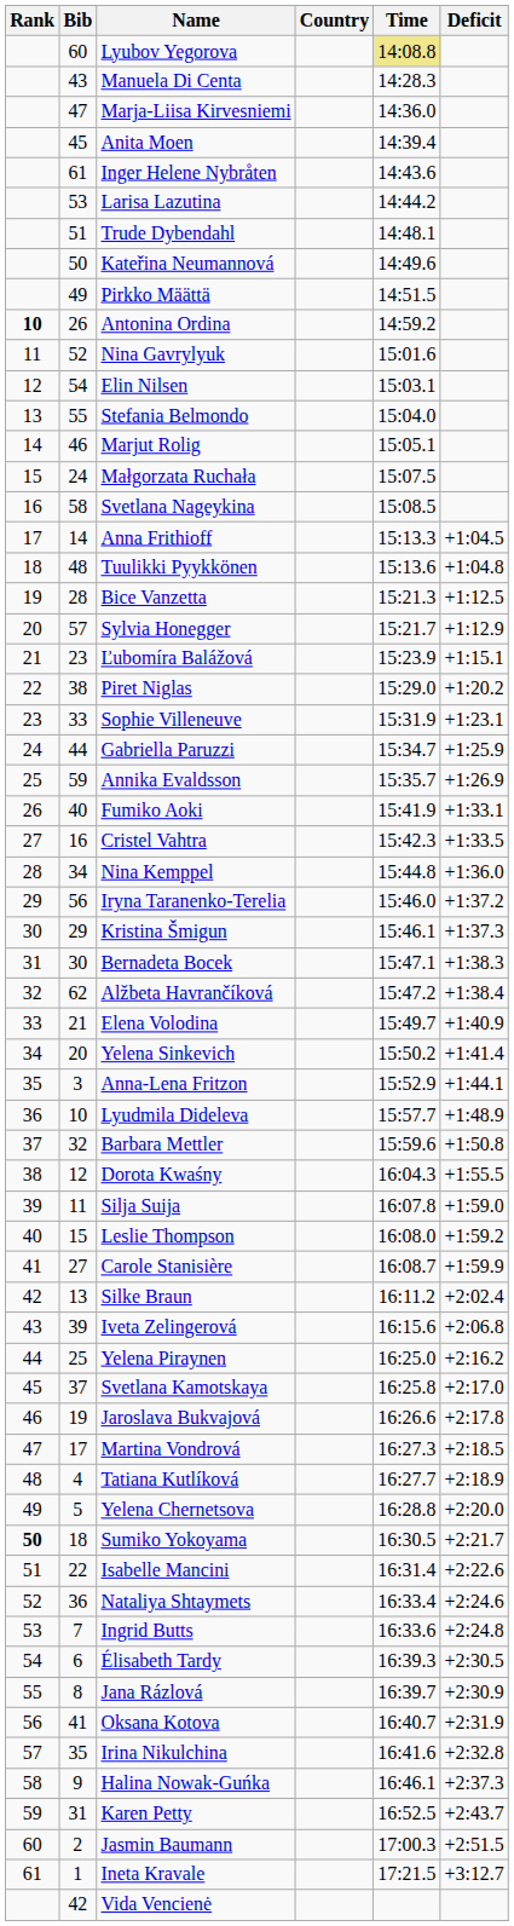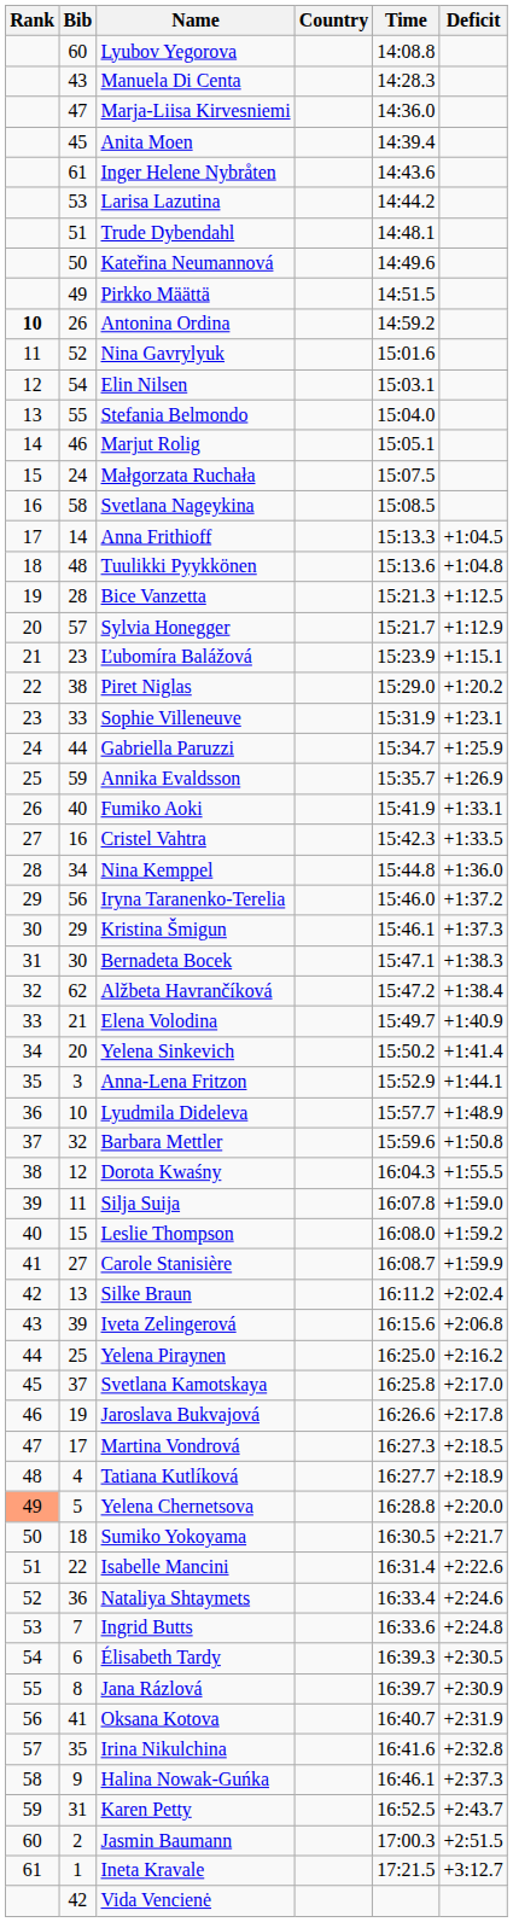 <table class="wikitable sortable" style="text-align:center">
 <tr>
 <th>Rank</th>
 <th>Bib</th>
 <th>Name</th>
 <th>Country</th>
 <th>Time</th>
 <th>Deficit</th>
 </tr>
 <tr>
 <td></td>
 <td>60</td>
 <td align="left"><a href='#'>Lyubov Yegorova</a></td>
 <td align="left"></td>
-<td style="background: khaki;">14:08.8</td>
+<td>14:08.8</td>
 <td></td>
 </tr>
 <tr>
 <td></td>
 <td>43</td>
 <td align="left"><a href='#'>Manuela Di Centa</a></td>
 <td align="left"></td>
 <td>14:28.3</td>
 <td></td>
 </tr>
 <tr>
 <td></td>
 <td>47</td>
 <td align="left"><a href='#'>Marja-Liisa Kirvesniemi</a></td>
 <td align="left"></td>
 <td>14:36.0</td>
 <td></td>
 </tr>
 <tr>
 <td></td>
 <td>45</td>
 <td align="left"><a href='#'>Anita Moen</a></td>
 <td align="left"></td>
 <td>14:39.4</td>
 <td></td>
 </tr>
 <tr>
 <td></td>
 <td>61</td>
 <td align="left"><a href='#'>Inger Helene Nybråten</a></td>
 <td align="left"></td>
 <td>14:43.6</td>
 <td></td>
 </tr>
 <tr>
 <td></td>
 <td>53</td>
 <td align="left"><a href='#'>Larisa Lazutina</a></td>
 <td align="left"></td>
 <td>14:44.2</td>
 <td></td>
 </tr>
 <tr>
 <td></td>
 <td>51</td>
 <td align="left"><a href='#'>Trude Dybendahl</a></td>
 <td align="left"></td>
 <td>14:48.1</td>
 <td></td>
 </tr>
 <tr>
 <td></td>
 <td>50</td>
 <td align="left"><a href='#'>Kateřina Neumannová</a></td>
 <td align="left"></td>
 <td>14:49.6</td>
 <td></td>
 </tr>
 <tr>
 <td></td>
 <td>49</td>
 <td align="left"><a href='#'>Pirkko Määttä</a></td>
 <td align="left"></td>
 <td>14:51.5</td>
 <td></td>
 </tr>
 <tr>
 <td><strong>10</strong></td>
 <td>26</td>
 <td align="left"><a href='#'>Antonina Ordina</a></td>
 <td align="left"></td>
 <td>14:59.2</td>
 <td></td>
 </tr>
 <tr>
 <td>11</td>
 <td>52</td>
 <td align="left"><a href='#'>Nina Gavrylyuk</a></td>
 <td align="left"></td>
 <td>15:01.6</td>
 <td></td>
 </tr>
 <tr>
 <td>12</td>
 <td>54</td>
 <td align="left"><a href='#'>Elin Nilsen</a></td>
 <td align="left"></td>
 <td>15:03.1</td>
 <td></td>
 </tr>
 <tr>
 <td>13</td>
 <td>55</td>
 <td align="left"><a href='#'>Stefania Belmondo</a></td>
 <td align="left"></td>
 <td>15:04.0</td>
 <td></td>
 </tr>
 <tr>
 <td>14</td>
 <td>46</td>
 <td align="left"><a href='#'>Marjut Rolig</a></td>
 <td align="left"></td>
 <td>15:05.1</td>
 <td></td>
 </tr>
 <tr>
 <td>15</td>
 <td>24</td>
 <td align="left"><a href='#'>Małgorzata Ruchała</a></td>
 <td align="left"></td>
 <td>15:07.5</td>
 <td></td>
 </tr>
 <tr>
 <td>16</td>
 <td>58</td>
 <td align="left"><a href='#'>Svetlana Nageykina</a></td>
 <td align="left"></td>
 <td>15:08.5</td>
 <td></td>
 </tr>
 <tr>
 <td>17</td>
 <td>14</td>
 <td align="left"><a href='#'>Anna Frithioff</a></td>
 <td align="left"></td>
 <td>15:13.3</td>
 <td>+1:04.5</td>
 </tr>
 <tr>
 <td>18</td>
 <td>48</td>
 <td align="left"><a href='#'>Tuulikki Pyykkönen</a></td>
 <td align="left"></td>
 <td>15:13.6</td>
 <td>+1:04.8</td>
 </tr>
 <tr>
 <td>19</td>
 <td>28</td>
 <td align="left"><a href='#'>Bice Vanzetta</a></td>
 <td align="left"></td>
 <td>15:21.3</td>
 <td>+1:12.5</td>
 </tr>
 <tr>
 <td>20</td>
 <td>57</td>
 <td align="left"><a href='#'>Sylvia Honegger</a></td>
 <td align="left"></td>
 <td>15:21.7</td>
 <td>+1:12.9</td>
 </tr>
 <tr>
 <td>21</td>
 <td>23</td>
 <td align="left"><a href='#'>Ľubomíra Balážová</a></td>
 <td align="left"></td>
 <td>15:23.9</td>
 <td>+1:15.1</td>
 </tr>
 <tr>
 <td>22</td>
 <td>38</td>
 <td align="left"><a href='#'>Piret Niglas</a></td>
 <td align="left"></td>
 <td>15:29.0</td>
 <td>+1:20.2</td>
 </tr>
 <tr>
 <td>23</td>
 <td>33</td>
 <td align="left"><a href='#'>Sophie Villeneuve</a></td>
 <td align="left"></td>
 <td>15:31.9</td>
 <td>+1:23.1</td>
 </tr>
 <tr>
 <td>24</td>
 <td>44</td>
 <td align="left"><a href='#'>Gabriella Paruzzi</a></td>
 <td align="left"></td>
 <td>15:34.7</td>
 <td>+1:25.9</td>
 </tr>
 <tr>
 <td>25</td>
 <td>59</td>
 <td align="left"><a href='#'>Annika Evaldsson</a></td>
 <td align="left"></td>
 <td>15:35.7</td>
 <td>+1:26.9</td>
 </tr>
 <tr>
 <td>26</td>
 <td>40</td>
 <td align="left"><a href='#'>Fumiko Aoki</a></td>
 <td align="left"></td>
 <td>15:41.9</td>
 <td>+1:33.1</td>
 </tr>
 <tr>
 <td>27</td>
 <td>16</td>
 <td align="left"><a href='#'>Cristel Vahtra</a></td>
 <td align="left"></td>
 <td>15:42.3</td>
 <td>+1:33.5</td>
 </tr>
 <tr>
 <td>28</td>
 <td>34</td>
 <td align="left"><a href='#'>Nina Kemppel</a></td>
 <td align="left"></td>
 <td>15:44.8</td>
 <td>+1:36.0</td>
 </tr>
 <tr>
 <td>29</td>
 <td>56</td>
 <td align="left"><a href='#'>Iryna Taranenko-Terelia</a></td>
 <td align="left"></td>
 <td>15:46.0</td>
 <td>+1:37.2</td>
 </tr>
 <tr>
 <td>30</td>
 <td>29</td>
 <td align="left"><a href='#'>Kristina Šmigun</a></td>
 <td align="left"></td>
 <td>15:46.1</td>
 <td>+1:37.3</td>
 </tr>
 <tr>
 <td>31</td>
 <td>30</td>
 <td align="left"><a href='#'>Bernadeta Bocek</a></td>
 <td align="left"></td>
 <td>15:47.1</td>
 <td>+1:38.3</td>
 </tr>
 <tr>
 <td>32</td>
 <td>62</td>
 <td align="left"><a href='#'>Alžbeta Havrančíková</a></td>
 <td align="left"></td>
 <td>15:47.2</td>
 <td>+1:38.4</td>
 </tr>
 <tr>
 <td>33</td>
 <td>21</td>
 <td align="left"><a href='#'>Elena Volodina</a></td>
 <td align="left"></td>
 <td>15:49.7</td>
 <td>+1:40.9</td>
 </tr>
 <tr>
 <td>34</td>
 <td>20</td>
 <td align="left"><a href='#'>Yelena Sinkevich</a></td>
 <td align="left"></td>
 <td>15:50.2</td>
 <td>+1:41.4</td>
 </tr>
 <tr>
 <td>35</td>
 <td>3</td>
 <td align="left"><a href='#'>Anna-Lena Fritzon</a></td>
 <td align="left"></td>
 <td>15:52.9</td>
 <td>+1:44.1</td>
 </tr>
 <tr>
 <td>36</td>
 <td>10</td>
 <td align="left"><a href='#'>Lyudmila Dideleva</a></td>
 <td align="left"></td>
 <td>15:57.7</td>
 <td>+1:48.9</td>
 </tr>
 <tr>
 <td>37</td>
 <td>32</td>
 <td align="left"><a href='#'>Barbara Mettler</a></td>
 <td align="left"></td>
 <td>15:59.6</td>
 <td>+1:50.8</td>
 </tr>
 <tr>
 <td>38</td>
 <td>12</td>
 <td align="left"><a href='#'>Dorota Kwaśny</a></td>
 <td align="left"></td>
 <td>16:04.3</td>
 <td>+1:55.5</td>
 </tr>
 <tr>
 <td>39</td>
 <td>11</td>
 <td align="left"><a href='#'>Silja Suija</a></td>
 <td align="left"></td>
 <td>16:07.8</td>
 <td>+1:59.0</td>
 </tr>
 <tr>
 <td>40</td>
 <td>15</td>
 <td align="left"><a href='#'>Leslie Thompson</a></td>
 <td align="left"></td>
 <td>16:08.0</td>
 <td>+1:59.2</td>
 </tr>
 <tr>
 <td>41</td>
 <td>27</td>
 <td align="left"><a href='#'>Carole Stanisière</a></td>
 <td align="left"></td>
 <td>16:08.7</td>
 <td>+1:59.9</td>
 </tr>
 <tr>
 <td>42</td>
 <td>13</td>
 <td align="left"><a href='#'>Silke Braun</a></td>
 <td align="left"></td>
 <td>16:11.2</td>
 <td>+2:02.4</td>
 </tr>
 <tr>
 <td>43</td>
 <td>39</td>
 <td align="left"><a href='#'>Iveta Zelingerová</a></td>
 <td align="left"></td>
 <td>16:15.6</td>
 <td>+2:06.8</td>
 </tr>
 <tr>
 <td>44</td>
 <td>25</td>
 <td align="left"><a href='#'>Yelena Piraynen</a></td>
 <td align="left"></td>
 <td>16:25.0</td>
 <td>+2:16.2</td>
 </tr>
 <tr>
 <td>45</td>
 <td>37</td>
 <td align="left"><a href='#'>Svetlana Kamotskaya</a></td>
 <td align="left"></td>
 <td>16:25.8</td>
 <td>+2:17.0</td>
 </tr>
 <tr>
 <td>46</td>
 <td>19</td>
 <td align="left"><a href='#'>Jaroslava Bukvajová</a></td>
 <td align="left"></td>
 <td>16:26.6</td>
 <td>+2:17.8</td>
 </tr>
 <tr>
 <td>47</td>
 <td>17</td>
 <td align="left"><a href='#'>Martina Vondrová</a></td>
 <td align="left"></td>
 <td>16:27.3</td>
 <td>+2:18.5</td>
 </tr>
 <tr>
 <td>48</td>
 <td>4</td>
 <td align="left"><a href='#'>Tatiana Kutlíková</a></td>
 <td align="left"></td>
 <td>16:27.7</td>
 <td>+2:18.9</td>
 </tr>
 <tr>
-<td>49</td>
+<td style="background: lightsalmon;">49</td>
 <td>5</td>
 <td align="left"><a href='#'>Yelena Chernetsova</a></td>
 <td align="left"></td>
 <td>16:28.8</td>
 <td>+2:20.0</td>
 </tr>
 <tr>
-<td><strong>50</strong></td>
+<td>50</td>
 <td>18</td>
 <td align="left"><a href='#'>Sumiko Yokoyama</a></td>
 <td align="left"></td>
 <td>16:30.5</td>
 <td>+2:21.7</td>
 </tr>
 <tr>
 <td>51</td>
 <td>22</td>
 <td align="left"><a href='#'>Isabelle Mancini</a></td>
 <td align="left"></td>
 <td>16:31.4</td>
 <td>+2:22.6</td>
 </tr>
 <tr>
 <td>52</td>
 <td>36</td>
 <td align="left"><a href='#'>Nataliya Shtaymets</a></td>
 <td align="left"></td>
 <td>16:33.4</td>
 <td>+2:24.6</td>
 </tr>
 <tr>
 <td>53</td>
 <td>7</td>
 <td align="left"><a href='#'>Ingrid Butts</a></td>
 <td align="left"></td>
 <td>16:33.6</td>
 <td>+2:24.8</td>
 </tr>
 <tr>
 <td>54</td>
 <td>6</td>
 <td align="left"><a href='#'>Élisabeth Tardy</a></td>
 <td align="left"></td>
 <td>16:39.3</td>
 <td>+2:30.5</td>
 </tr>
 <tr>
 <td>55</td>
 <td>8</td>
 <td align="left"><a href='#'>Jana Rázlová</a></td>
 <td align="left"></td>
 <td>16:39.7</td>
 <td>+2:30.9</td>
 </tr>
 <tr>
 <td>56</td>
 <td>41</td>
 <td align="left"><a href='#'>Oksana Kotova</a></td>
 <td align="left"></td>
 <td>16:40.7</td>
 <td>+2:31.9</td>
 </tr>
 <tr>
 <td>57</td>
 <td>35</td>
 <td align="left"><a href='#'>Irina Nikulchina</a></td>
 <td align="left"></td>
 <td>16:41.6</td>
 <td>+2:32.8</td>
 </tr>
 <tr>
 <td>58</td>
 <td>9</td>
 <td align="left"><a href='#'>Halina Nowak-Guńka</a></td>
 <td align="left"></td>
 <td>16:46.1</td>
 <td>+2:37.3</td>
 </tr>
 <tr>
 <td>59</td>
 <td>31</td>
 <td align="left"><a href='#'>Karen Petty</a></td>
 <td align="left"></td>
 <td>16:52.5</td>
 <td>+2:43.7</td>
 </tr>
 <tr>
 <td>60</td>
 <td>2</td>
 <td align="left"><a href='#'>Jasmin Baumann</a></td>
 <td align="left"></td>
 <td>17:00.3</td>
 <td>+2:51.5</td>
 </tr>
 <tr>
 <td>61</td>
 <td>1</td>
 <td align="left"><a href='#'>Ineta Kravale</a></td>
 <td align="left"></td>
 <td>17:21.5</td>
 <td>+3:12.7</td>
 </tr>
 <tr>
 <td></td>
 <td>42</td>
 <td align="left"><a href='#'>Vida Vencienė</a></td>
 <td align="left"></td>
 <td></td>
 <td></td>
 </tr>
 </table>
